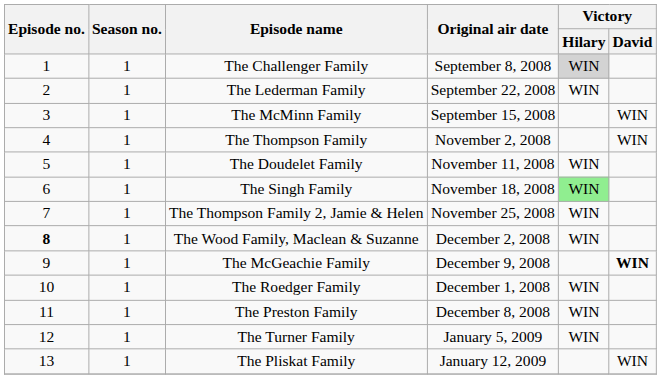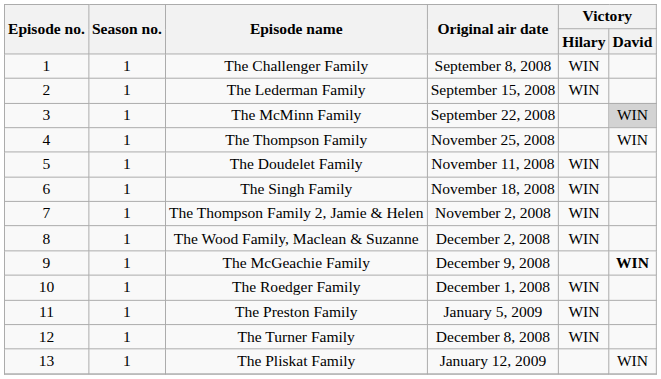 <table class="wikitable sortable" style="text-align:center">
 <tr>
 <th rowspan=2>Episode no.</th>
 <th rowspan=2>Season no.</th>
 <th rowspan=2>Episode name</th>
 <th rowspan=2>Original air date</th>
 <th colspan=2>Victory</th>
 </tr>
 <tr>
 <th>Hilary</th>
 <th>David</th>
 </tr>
 <tr>
 <td>1</td>
 <td>1</td>
 <td>The Challenger Family</td>
 <td>September 8, 2008</td>
-<td align=center style="background: lightgrey;">WIN</td>
+<td align=center>WIN</td>
 <td align="center"></td>
 </tr>
 <tr>
 <td>2</td>
 <td>1</td>
 <td>The Lederman Family</td>
-<td>September 22, 2008</td>
+<td>September 15, 2008</td>
 <td align=center>WIN</td>
 <td align="center"></td>
 </tr>
 <tr>
 <td>3</td>
 <td>1</td>
 <td>The McMinn Family</td>
-<td>September 15, 2008</td>
+<td>September 22, 2008</td>
 <td align=center></td>
-<td align="center">WIN</td>
+<td align="center" style="background: lightgrey;">WIN</td>
 </tr>
 <tr>
 <td>4</td>
 <td>1</td>
 <td>The Thompson Family</td>
-<td>November 2, 2008</td>
+<td>November 25, 2008</td>
 <td align=center></td>
 <td align=center>WIN</td>
 </tr>
 <tr>
 <td>5</td>
 <td>1</td>
 <td>The Doudelet Family</td>
 <td>November 11, 2008</td>
 <td align=center>WIN</td>
 <td align="center"></td>
 </tr>
 <tr>
 <td>6</td>
 <td>1</td>
 <td>The Singh Family</td>
 <td>November 18, 2008</td>
-<td align=center style="background: lightgreen;">WIN</td>
+<td align=center>WIN</td>
 <td align="center"></td>
 </tr>
 <tr>
 <td>7</td>
 <td>1</td>
 <td>The Thompson Family 2, Jamie & Helen</td>
-<td>November 25, 2008</td>
+<td>November 2, 2008</td>
 <td align="center">WIN</td>
 <td align="center"></td>
 </tr>
 <tr>
-<td><strong>8</strong></td>
+<td>8</td>
 <td>1</td>
 <td>The Wood Family, Maclean & Suzanne</td>
 <td>December 2, 2008</td>
 <td align="center">WIN</td>
 <td align="center"></td>
 </tr>
 <tr>
 <td>9</td>
 <td>1</td>
 <td>The McGeachie Family</td>
 <td>December 9, 2008</td>
 <td align="center"></td>
 <td align="center"><strong>WIN</strong></td>
 </tr>
 <tr>
 <td>10</td>
 <td>1</td>
 <td>The Roedger Family</td>
 <td>December 1, 2008</td>
 <td align="center">WIN</td>
 <td align="center"></td>
 </tr>
 <tr>
 <td>11</td>
 <td>1</td>
 <td>The Preston Family</td>
-<td>December 8, 2008</td>
+<td>January 5, 2009</td>
 <td align="center">WIN</td>
 <td align="center"></td>
 </tr>
 <tr>
 <td>12</td>
 <td>1</td>
 <td>The Turner Family</td>
-<td>January 5, 2009</td>
+<td>December 8, 2008</td>
 <td align=center>WIN</td>
 <td align="center"></td>
 </tr>
 <tr>
 <td>13</td>
 <td>1</td>
 <td>The Pliskat Family</td>
 <td>January 12, 2009</td>
 <td align="center"></td>
 <td align="center">WIN</td>
 </tr>
 <tr>
 </tr>
 </table>
